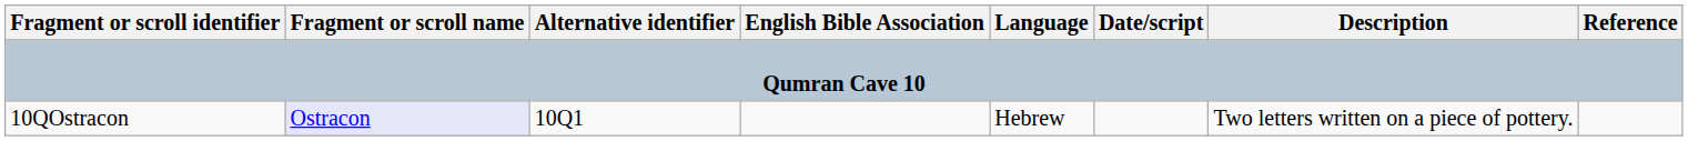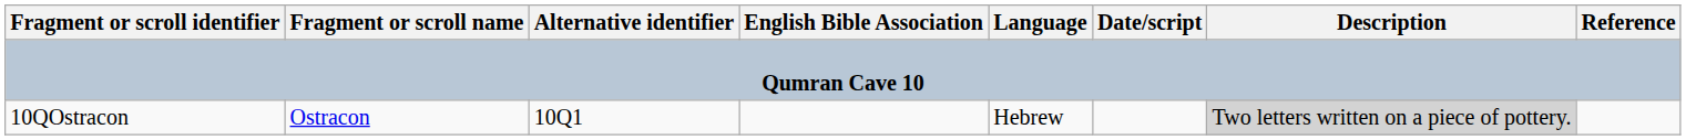 <table class="wikitable">
 <tr>
 <th>Fragment or scroll identifier</th>
 <th>Fragment or scroll name</th>
 <th>Alternative identifier</th>
 <th>English Bible Association</th>
 <th>Language</th>
 <th>Date/script</th>
 <th>Description</th>
 <th>Reference</th>
 </tr>
 <tr>
 <th colspan="8" style="background:#b8c7d6;"><br>Qumran Cave 10</th>
 </tr>
 <tr>
 <td>10QOstracon</td>
-<td style="background: lavender;"><a href='#'>Ostracon</a></td>
+<td><a href='#'>Ostracon</a></td>
 <td>10Q1</td>
 <td></td>
 <td>Hebrew</td>
 <td></td>
-<td>Two letters written on a piece of pottery.</td>
+<td style="background: lightgrey;">Two letters written on a piece of pottery.</td>
 <td></td>
 </tr>
 </table>
